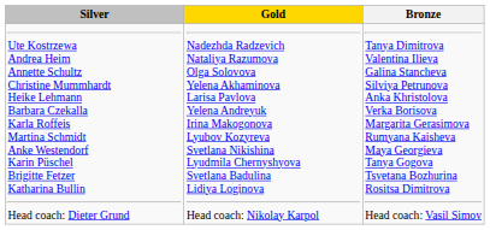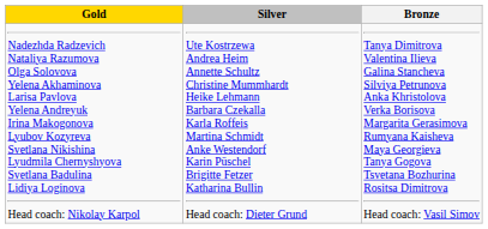 <table class="wikitable" style="font-size:95%text-align:center;">
 <tr align="center">
+<th style="width: 15em;background:gold">Gold</th>
 <th style="width: 15em;background:silver">Silver</th>
-<th style="width: 15em;background:gold">Gold</th>
 <th style="width: 15em:background:#CC9966">Bronze</th>
 </tr>
 <tr valign="top">
+<td><hr><a href='#'>Nadezhda Radzevich</a><br><a href='#'>Nataliya Razumova</a><br><a href='#'>Olga Solovova</a><br><a href='#'>Yelena Akhaminova</a><br><a href='#'>Larisa Pavlova</a><br><a href='#'>Yelena Andreyuk</a><br><a href='#'>Irina Makogonova</a><br><a href='#'>Lyubov Kozyreva</a><br><a href='#'>Svetlana Nikishina</a><br><a href='#'>Lyudmila Chernyshyova</a><br><a href='#'>Svetlana Badulina</a><br><a href='#'>Lidiya Loginova</a><br><hr>Head coach: <a href='#'>Nikolay Karpol</a></td>
 <td><hr><a href='#'>Ute Kostrzewa</a><br><a href='#'>Andrea Heim</a><br><a href='#'>Annette Schultz</a><br><a href='#'>Christine Mummhardt</a><br><a href='#'>Heike Lehmann</a><br><a href='#'>Barbara Czekalla</a><br><a href='#'>Karla Roffeis</a><br><a href='#'>Martina Schmidt</a><br><a href='#'>Anke Westendorf</a><br><a href='#'>Karin Püschel</a><br><a href='#'>Brigitte Fetzer</a><br><a href='#'>Katharina Bullin</a><br><hr>Head coach: <a href='#'>Dieter Grund</a></td>
-<td><hr><a href='#'>Nadezhda Radzevich</a><br><a href='#'>Nataliya Razumova</a><br><a href='#'>Olga Solovova</a><br><a href='#'>Yelena Akhaminova</a><br><a href='#'>Larisa Pavlova</a><br><a href='#'>Yelena Andreyuk</a><br><a href='#'>Irina Makogonova</a><br><a href='#'>Lyubov Kozyreva</a><br><a href='#'>Svetlana Nikishina</a><br><a href='#'>Lyudmila Chernyshyova</a><br><a href='#'>Svetlana Badulina</a><br><a href='#'>Lidiya Loginova</a><br><hr>Head coach: <a href='#'>Nikolay Karpol</a></td>
 <td><hr><a href='#'>Tanya Dimitrova</a><br><a href='#'>Valentina Ilieva</a><br><a href='#'>Galina Stancheva</a><br><a href='#'>Silviya Petrunova</a><br><a href='#'>Anka Khristolova</a><br><a href='#'>Verka Borisova</a><br><a href='#'>Margarita Gerasimova</a><br><a href='#'>Rumyana Kaisheva</a><br><a href='#'>Maya Georgieva</a><br><a href='#'>Tanya Gogova</a><br><a href='#'>Tsvetana Bozhurina</a><br><a href='#'>Rositsa Dimitrova</a><br><hr>Head coach: <a href='#'>Vasil Simov</a></td>
 </tr>
 </table>
